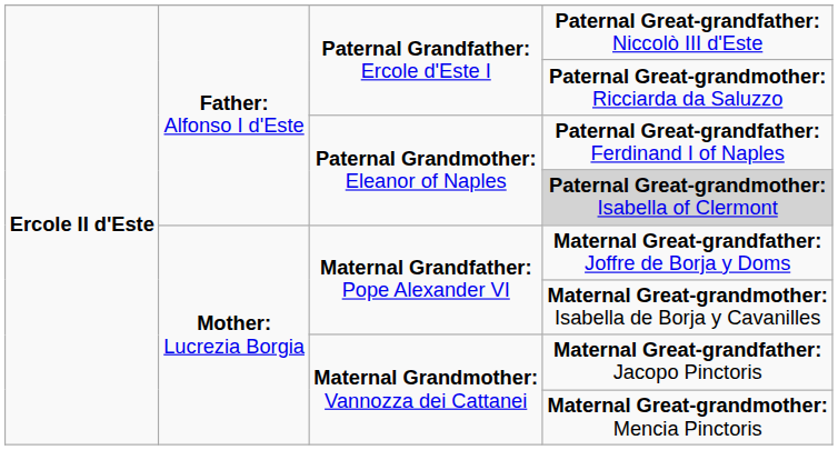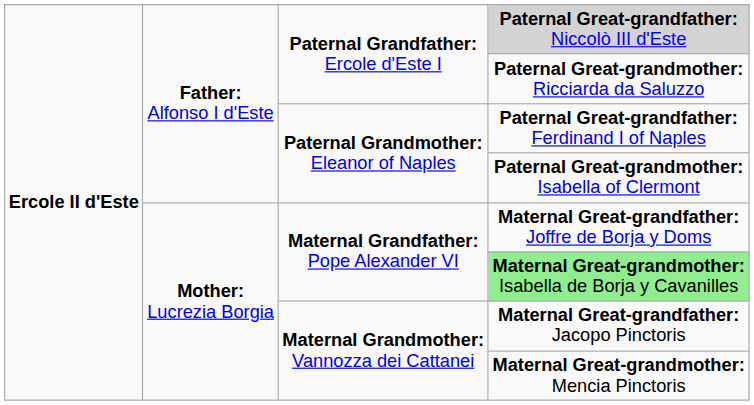 <table class="wikitable">
 <tr>
 </tr>
 <tr>
 <td rowspan="8" align="center"><strong>Ercole II d'Este</strong></td>
 <td rowspan="4" align="center"><strong>Father:</strong><br><a href='#'>Alfonso I d'Este</a></td>
 <td rowspan="2" align="center"><strong>Paternal Grandfather:</strong><br><a href='#'>Ercole d'Este I</a></td>
-<td align="center"><strong>Paternal Great-grandfather:</strong><br><a href='#'>Niccolò III d'Este</a></td>
+<td align="center" style="background: lightgrey;"><strong>Paternal Great-grandfather:</strong><br><a href='#'>Niccolò III d'Este</a></td>
 </tr>
 <tr>
 <td align="center"><strong>Paternal Great-grandmother:</strong><br><a href='#'>Ricciarda da Saluzzo</a></td>
 </tr>
 <tr>
 <td rowspan="2" align="center"><strong>Paternal Grandmother:</strong><br><a href='#'>Eleanor of Naples</a></td>
 <td align="center"><strong>Paternal Great-grandfather:</strong><br><a href='#'>Ferdinand I of Naples</a></td>
 </tr>
 <tr>
-<td align="center" style="background: lightgrey;"><strong>Paternal Great-grandmother:</strong><br><a href='#'>Isabella of Clermont</a></td>
+<td align="center"><strong>Paternal Great-grandmother:</strong><br><a href='#'>Isabella of Clermont</a></td>
 </tr>
 <tr>
 <td rowspan="4" align="center"><strong>Mother:</strong><br><a href='#'>Lucrezia Borgia</a></td>
 <td rowspan="2" align="center"><strong>Maternal Grandfather:</strong><br><a href='#'>Pope Alexander VI</a></td>
 <td align="center"><strong>Maternal Great-grandfather:</strong><br><a href='#'>Joffre de Borja y Doms</a></td>
 </tr>
 <tr>
-<td align="center"><strong>Maternal Great-grandmother:</strong><br>Isabella de Borja y Cavanilles</td>
+<td align="center" style="background: lightgreen;"><strong>Maternal Great-grandmother:</strong><br>Isabella de Borja y Cavanilles</td>
 </tr>
 <tr>
 <td rowspan="2" align="center"><strong>Maternal Grandmother:</strong><br><a href='#'>Vannozza dei Cattanei</a></td>
 <td align="center"><strong>Maternal Great-grandfather:</strong><br>Jacopo Pinctoris</td>
 </tr>
 <tr>
 <td align="center"><strong>Maternal Great-grandmother:</strong><br>Mencia Pinctoris</td>
 </tr>
 </table>
